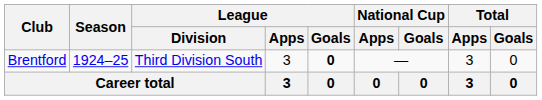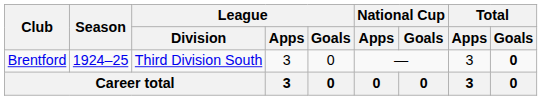 <table class="wikitable" style="text-align: center;">
 <tr>
 <th rowspan="2">Club</th>
 <th rowspan="2">Season</th>
 <th colspan="3">League</th>
 <th colspan="2">National Cup</th>
 <th colspan="2">Total</th>
 </tr>
 <tr>
 <th>Division</th>
 <th>Apps</th>
 <th>Goals</th>
 <th>Apps</th>
 <th>Goals</th>
 <th>Apps</th>
 <th>Goals</th>
 </tr>
 <tr>
 <td><a href='#'>Brentford</a></td>
 <td><a href='#'>1924–25</a></td>
 <td><a href='#'>Third Division South</a></td>
 <td>3</td>
-<td><strong>0</strong></td>
+<td>0</td>
 <td colspan="2"><em>—</em></td>
 <td>3</td>
-<td>0</td>
+<td><strong>0</strong></td>
 </tr>
 <tr>
 <th colspan="3">Career total</th>
 <th>3</th>
 <th>0</th>
 <th>0</th>
 <th>0</th>
 <th>3</th>
 <th>0</th>
 </tr>
 </table>
